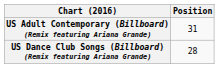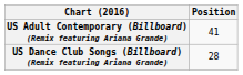 <table class="wikitable sortable plainrowheaders" style="text-align:center">
 <tr>
 <th scope="col">Chart (2016)</th>
 <th scope="col">Position</th>
 </tr>
 <tr>
 <th scope="row">US Adult Contemporary (<em>Billboard</em>)<br><small><em>(Remix featuring Ariana Grande)</em></small></th>
-<td>31</td>
+<td>41</td>
 </tr>
 <tr>
 <th scope="row">US Dance Club Songs (<em>Billboard</em>)<br><small><em>(Remix featuring Ariana Grande)</em></small></th>
 <td>28</td>
 </tr>
 </table>
